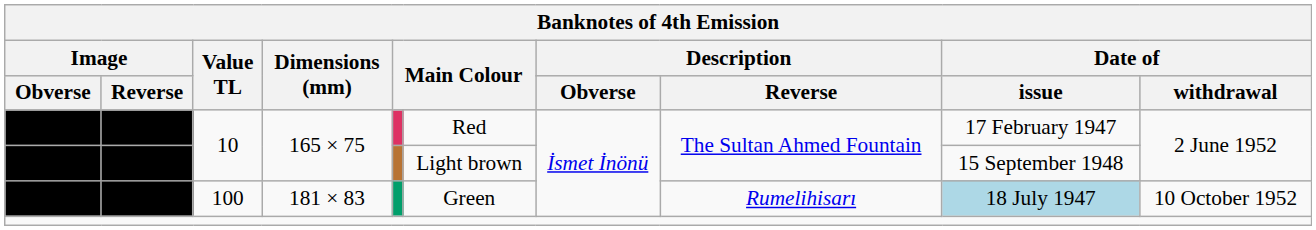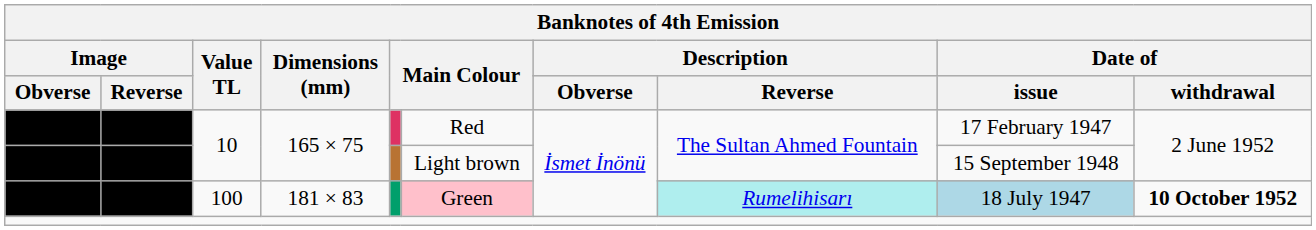 <table class="wikitable collapsible autocollapse" style="font-size: 90%; width: 100%">
 <tr>
 <th colspan="12" style="text-align: center">Banknotes of 4th Emission </th>
 </tr>
 <tr style="text-align: center">
 <th colspan="2">Image</th>
 <th rowspan="2">Value<br>TL</th>
 <th rowspan="2">Dimensions<br>(mm)</th>
 <th rowspan="2" colspan="2">Main Colour</th>
 <th colspan="2">Description</th>
 <th colspan="2">Date of</th>
 </tr>
 <tr>
 <th>Obverse</th>
 <th>Reverse</th>
 <th>Obverse</th>
 <th>Reverse</th>
 <th>issue</th>
 <th>withdrawal</th>
 </tr>
 <tr style="text-align:center;">
 <td style="background:#000;"></td>
 <td style="background:#000;"></td>
 <td rowspan="2">10</td>
 <td rowspan="2">165 × 75</td>
 <td style="background:#de3163;"></td>
 <td>Red</td>
 <td rowspan="3"><em><a href='#'>İsmet İnönü</a></em></td>
 <td rowspan="2"><a href='#'>The Sultan Ahmed Fountain</a></td>
 <td>17 February 1947</td>
 <td rowspan="2">2 June 1952</td>
 </tr>
 <tr style="text-align:center;">
 <td style="background:#000;"></td>
 <td style="background:#000;"></td>
 <td style="background:#b87333;"></td>
 <td>Light brown</td>
 <td>15 September 1948</td>
 </tr>
 <tr style="text-align:center;">
 <td style="background:#000;"></td>
 <td style="background:#000;"></td>
 <td>100</td>
 <td>181 × 83</td>
 <td style="background:#009f6b;"></td>
-<td>Green</td>
-<td><em><a href='#'>Rumelihisarı</a></em></td>
+<td style="background: pink;">Green</td>
+<td style="background: paleturquoise;"><em><a href='#'>Rumelihisarı</a></em></td>
 <td style="background: lightblue;">18 July 1947</td>
-<td>10 October 1952</td>
+<td><strong>10 October 1952</strong></td>
 </tr>
 <tr>
 <td colspan="12"></td>
 </tr>
 </table>
